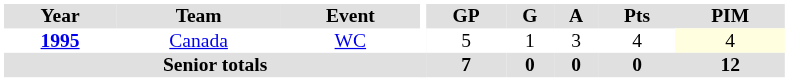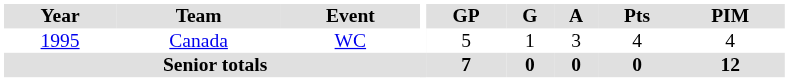 <table border="0" cellpadding="1" cellspacing="0" ID="Table3" style="text-align:center; width:40em">
 <tr bgcolor="#e0e0e0">
 <th>Year</th>
 <th>Team</th>
 <th>Event</th>
 <th rowspan="102" bgcolor="#ffffff"></th>
 <th>GP</th>
 <th>G</th>
 <th>A</th>
 <th>Pts</th>
 <th>PIM</th>
 </tr>
 <tr>
-<td><strong><a href='#'>1995</a></strong></td>
+<td><a href='#'>1995</a></td>
 <td><a href='#'>Canada</a></td>
 <td><a href='#'>WC</a></td>
 <td>5</td>
 <td>1</td>
 <td>3</td>
 <td>4</td>
-<td style="background: lightyellow;">4</td>
+<td>4</td>
 </tr>
 <tr bgcolor="#e0e0e0">
 <th colspan="4">Senior totals</th>
 <th>7</th>
 <th>0</th>
 <th>0</th>
 <th>0</th>
 <th>12</th>
 </tr>
 </table>
